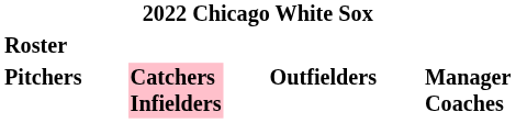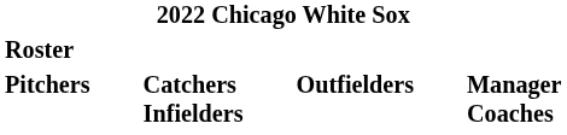 <table class="toccolours" style="font-size: 95%;">
 <tr>
 <th colspan="10">2022 Chicago White Sox</th>
 </tr>
 <tr>
 <td colspan="10"><strong>Roster</strong></td>
 </tr>
 <tr>
 <td valign="top"><strong>Pitchers</strong><br>                     </td>
 <td style="width:25px;"></td>
-<td valign="top" style="background: pink;"><strong>Catchers</strong><br>    <strong>Infielders</strong>          </td>
+<td valign="top"><strong>Catchers</strong><br>    <strong>Infielders</strong>          </td>
 <td style="width:25px;"></td>
 <td valign="top"><strong>Outfielders</strong><br>       </td>
 <td style="width:25px;"></td>
 <td valign="top"><strong>Manager</strong><br>  <strong>Coaches</strong>                      </td>
 </tr>
 </table>
